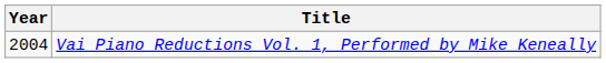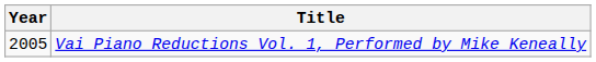 <table class="wikitable">
 <tr>
 <th>Year</th>
 <th>Title</th>
 </tr>
 <tr>
-<td>2004</td>
+<td>2005</td>
 <td><em><a href='#'> Vai Piano Reductions Vol. 1, Performed by Mike  Keneally</a></em></td>
 </tr>
 </table>
